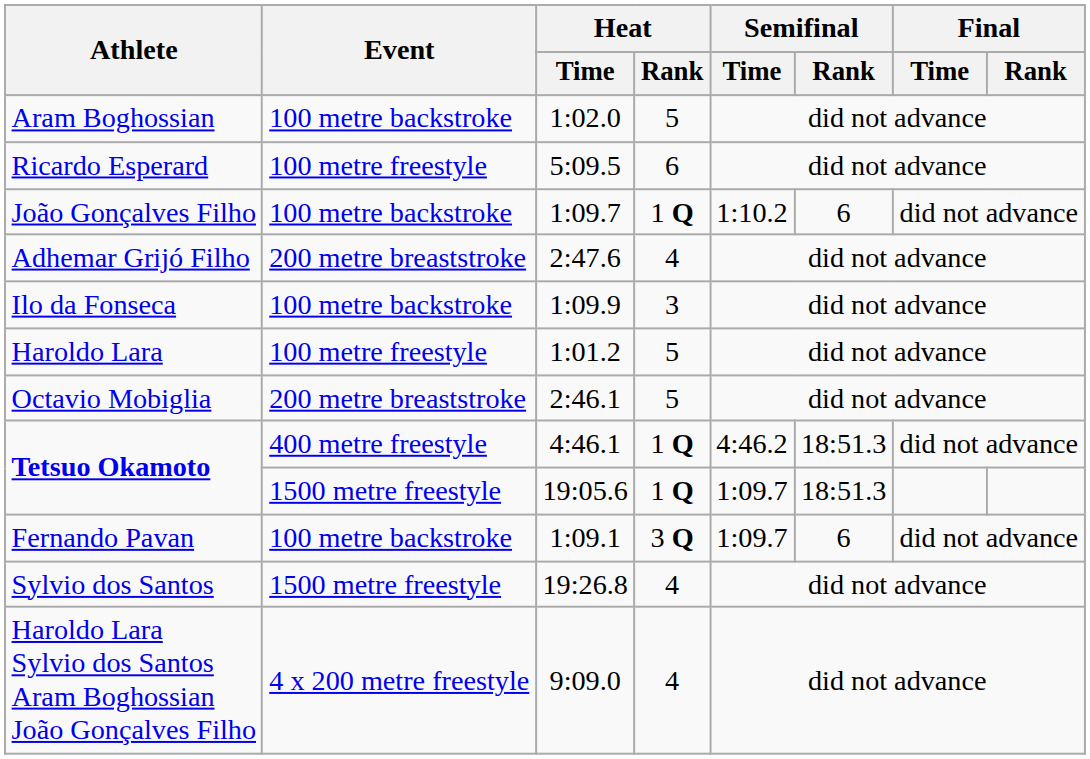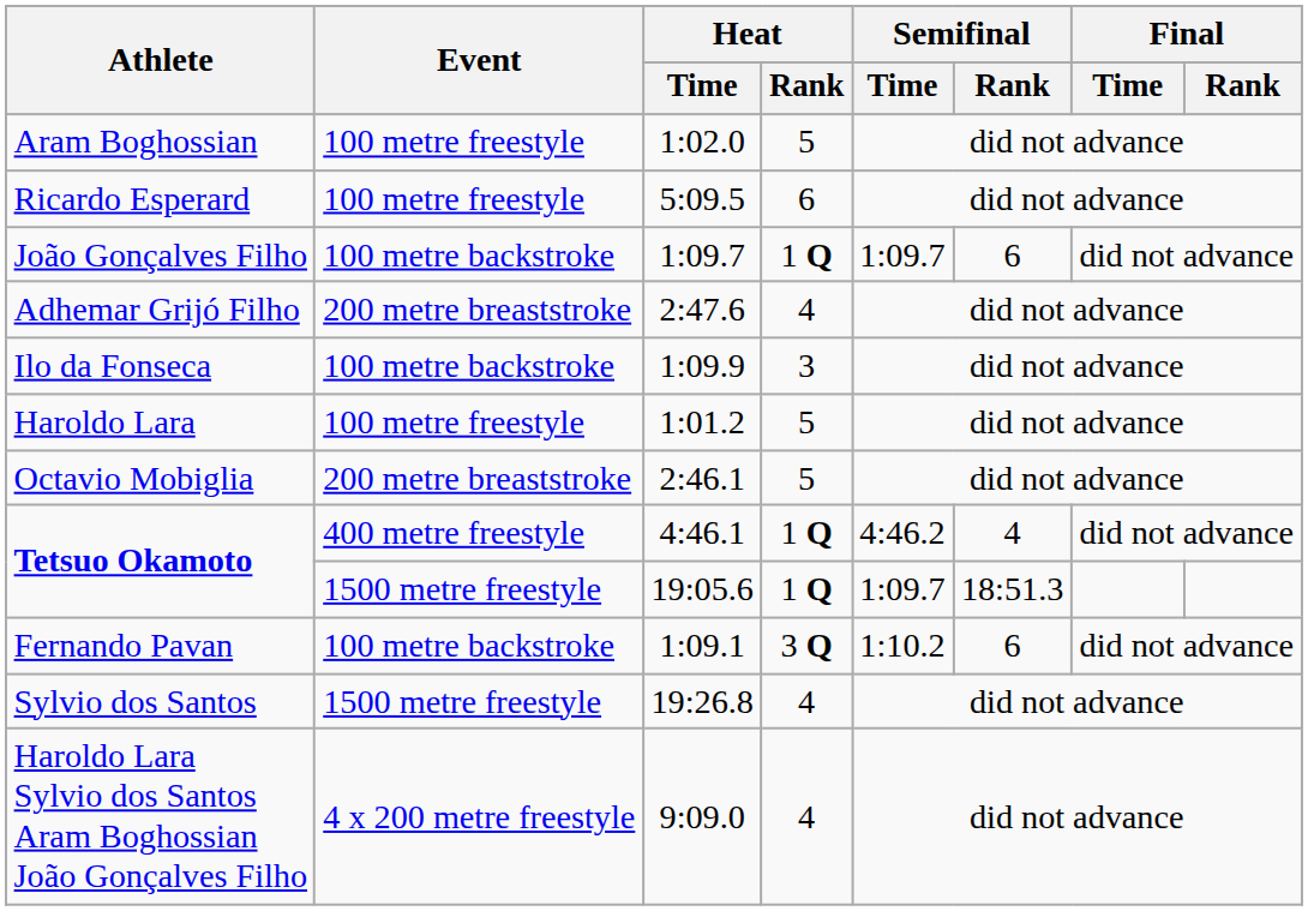 <table class=wikitable style="font-size:90%">
 <tr>
 <th rowspan="2">Athlete</th>
 <th rowspan="2">Event</th>
 <th colspan="2">Heat</th>
 <th colspan="2">Semifinal</th>
 <th colspan="2">Final</th>
 </tr>
 <tr style="font-size:95%">
 <th>Time</th>
 <th>Rank</th>
 <th>Time</th>
 <th>Rank</th>
 <th>Time</th>
 <th>Rank</th>
 </tr>
 <tr align=center>
 <td align=left rowspan=1><a href='#'>Aram Boghossian</a></td>
-<td align=left><a href='#'>100 metre backstroke</a></td>
+<td align=left><a href='#'>100 metre freestyle</a></td>
 <td>1:02.0</td>
 <td>5</td>
 <td colspan=4>did not advance</td>
 </tr>
 <tr align=center>
 <td align=left rowspan=1><a href='#'>Ricardo Esperard</a></td>
 <td align=left><a href='#'>100 metre freestyle</a></td>
 <td>5:09.5</td>
 <td>6</td>
 <td colspan=4>did not advance</td>
 </tr>
 <tr align=center>
 <td align=left rowspan=1><a href='#'>João Gonçalves Filho</a></td>
 <td align=left><a href='#'>100 metre backstroke</a></td>
 <td>1:09.7</td>
 <td>1 <strong>Q</strong></td>
-<td>1:10.2</td>
+<td>1:09.7</td>
 <td>6</td>
 <td colspan=2>did not advance</td>
 </tr>
 <tr align=center>
 <td align=left rowspan=1><a href='#'>Adhemar Grijó Filho</a></td>
 <td align=left><a href='#'>200 metre breaststroke</a></td>
 <td>2:47.6</td>
 <td>4</td>
 <td colspan=4>did not advance</td>
 </tr>
 <tr align=center>
 <td align=left rowspan=1><a href='#'>Ilo da Fonseca</a></td>
 <td align=left rowspan=1><a href='#'>100 metre backstroke</a></td>
 <td>1:09.9</td>
 <td>3</td>
 <td colspan=4>did not advance</td>
 </tr>
 <tr align=center>
 <td align=left rowspan=1><a href='#'>Haroldo Lara</a></td>
 <td align=left><a href='#'>100 metre freestyle</a></td>
 <td>1:01.2</td>
 <td>5</td>
 <td colspan=4>did not advance</td>
 </tr>
 <tr align=center>
 <td align=left rowspan=1><a href='#'>Octavio Mobiglia</a></td>
 <td align=left><a href='#'>200 metre breaststroke</a></td>
 <td>2:46.1</td>
 <td>5</td>
 <td colspan=4>did not advance</td>
 </tr>
 <tr align=center>
 <td align=left rowspan=2><strong><a href='#'>Tetsuo Okamoto</a></strong></td>
 <td align=left><a href='#'>400 metre freestyle</a></td>
 <td>4:46.1</td>
 <td>1 <strong>Q</strong></td>
 <td>4:46.2</td>
-<td>18:51.3</td>
+<td>4</td>
 <td colspan=2>did not advance</td>
 </tr>
 <tr align=center>
 <td align=left><a href='#'>1500 metre freestyle</a></td>
 <td>19:05.6</td>
 <td>1 <strong>Q</strong></td>
 <td>1:09.7</td>
 <td>18:51.3</td>
 <td></td>
 </tr>
 <tr align=center>
 <td align=left rowspan=1><a href='#'>Fernando Pavan</a></td>
 <td align=left rowspan=1><a href='#'>100 metre backstroke</a></td>
 <td>1:09.1</td>
 <td>3 <strong>Q</strong></td>
-<td>1:09.7</td>
+<td>1:10.2</td>
 <td>6</td>
 <td colspan=2>did not advance</td>
 </tr>
 <tr align=center>
 <td align=left rowspan=1><a href='#'>Sylvio dos Santos</a></td>
 <td align=left><a href='#'>1500 metre freestyle</a></td>
 <td>19:26.8</td>
 <td>4</td>
 <td colspan=4>did not advance</td>
 </tr>
 <tr align=center>
 <td align=left rowspan=1><a href='#'>Haroldo Lara</a><br><a href='#'>Sylvio dos Santos</a><br><a href='#'>Aram Boghossian</a><br><a href='#'>João Gonçalves Filho</a></td>
 <td align=left><a href='#'>4 x 200 metre freestyle</a></td>
 <td>9:09.0</td>
 <td>4</td>
 <td colspan=4>did not advance</td>
 </tr>
 </table>
